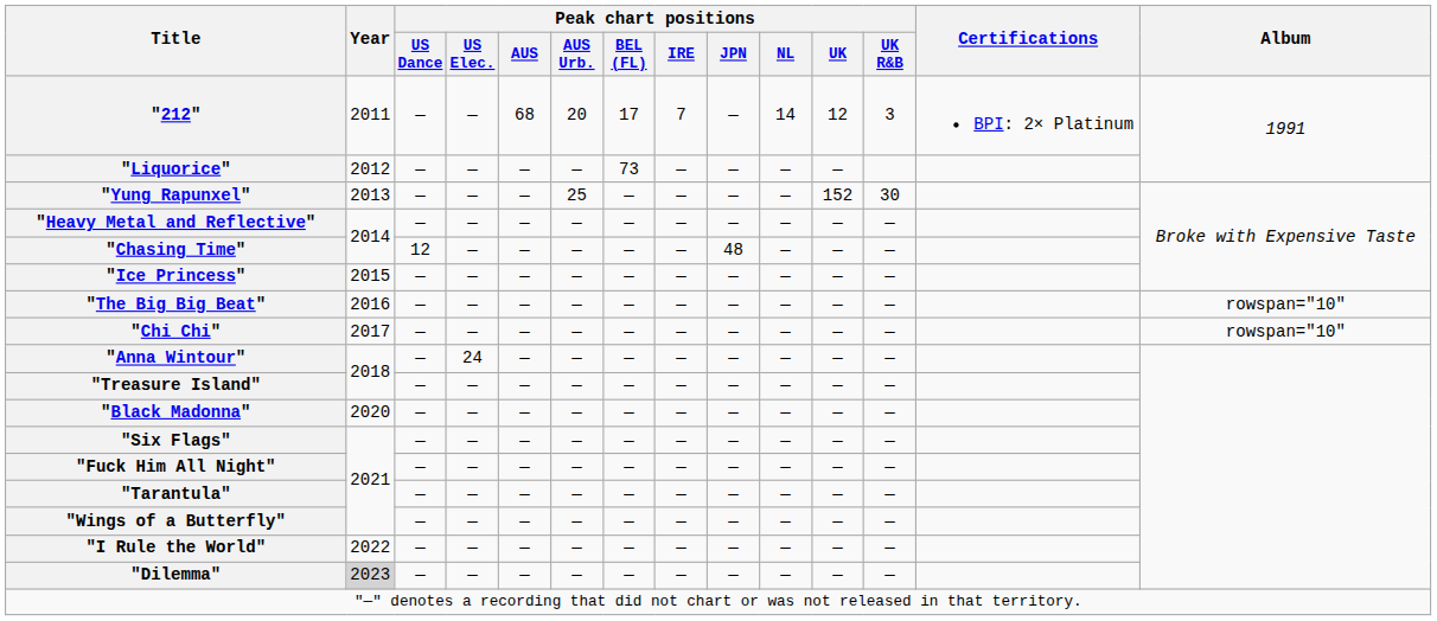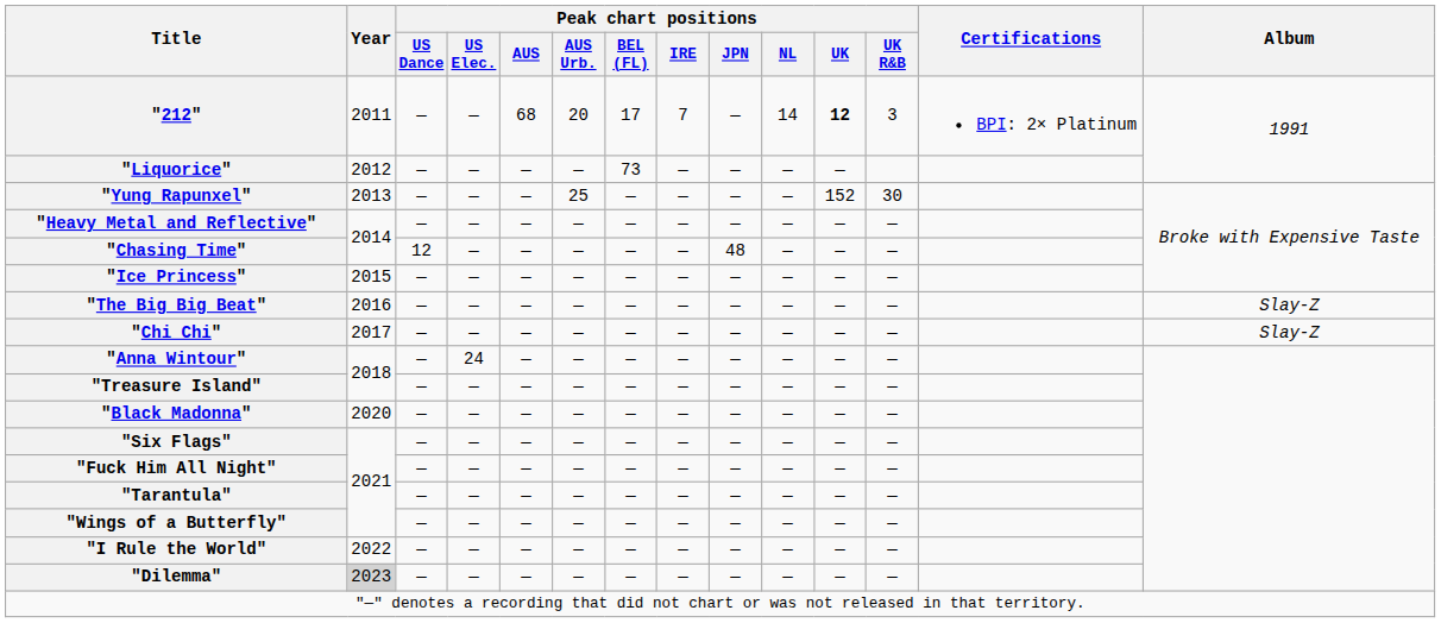 <table class="wikitable plainrowheaders" style="text-align:center;">
 <tr>
 <th scope="col" rowspan="2" style="width:20em;">Title</th>
 <th scope="col" rowspan="2" style="width:1em;">Year</th>
 <th scope="col" colspan="10">Peak chart positions</th>
 <th scope="col" rowspan="2" style="width:13em;"><a href='#'>Certifications</a></th>
 <th scope="col" rowspan="2" style="width:17em;">Album</th>
 </tr>
 <tr>
 <th scope="col" style="width:3em;font-size:90%;"><a href='#'>US<br>Dance</a><br></th>
 <th scope="col" style="width:3em;font-size:90%;"><a href='#'>US<br>Elec.</a><br></th>
 <th scope="col" style="width:3em;font-size:90%;"><a href='#'>AUS</a><br></th>
 <th scope="col" style="width:3em;font-size:90%;"><a href='#'>AUS<br>Urb.</a><br></th>
 <th scope="col" style="width:3em;font-size:90%;"><a href='#'>BEL<br>(FL)</a><br></th>
 <th scope="col" style="width:3em;font-size:90%;"><a href='#'>IRE</a><br></th>
 <th scope="col" style="width:3em;font-size:90%;"><a href='#'>JPN</a><br></th>
 <th scope="col" style="width:3em;font-size:90%;"><a href='#'>NL</a><br></th>
 <th scope="col" style="width:3em;font-size:90%;"><a href='#'>UK</a><br></th>
 <th scope="col" style="width:3em;font-size:90%;"><a href='#'>UK R&B</a><br></th>
 </tr>
 <tr>
 <th scope="row">"<a href='#'>212</a>"<br></th>
 <td>2011</td>
 <td>—</td>
 <td>—</td>
 <td>68</td>
 <td>20</td>
 <td>17</td>
 <td>7</td>
 <td>—</td>
 <td>14</td>
-<td>12</td>
+<td><strong>12</strong></td>
 <td>3</td>
 <td><br><ul><li><a href='#'>BPI</a>: 2× Platinum</li></ul></td>
 <td rowspan="2"><em>1991</em></td>
 </tr>
 <tr>
 <th scope="row">"<a href='#'>Liquorice</a>"</th>
 <td>2012</td>
 <td>—</td>
 <td>—</td>
 <td>—</td>
 <td>—</td>
 <td>73</td>
 <td>—</td>
 <td>—</td>
 <td>—</td>
 <td>—</td>
 <td></td>
 </tr>
 <tr>
 <th scope="row">"<a href='#'>Yung Rapunxel</a>"</th>
 <td>2013</td>
 <td>—</td>
 <td>—</td>
 <td>—</td>
 <td>25</td>
 <td>—</td>
 <td>—</td>
 <td>—</td>
 <td>—</td>
 <td>152</td>
 <td>30</td>
 <td></td>
 <td rowspan="4"><em>Broke with Expensive Taste</em></td>
 </tr>
 <tr>
 <th scope="row">"<a href='#'>Heavy Metal and Reflective</a>"</th>
 <td rowspan="2">2014</td>
 <td>—</td>
 <td>—</td>
 <td>—</td>
 <td>—</td>
 <td>—</td>
 <td>—</td>
 <td>—</td>
 <td>—</td>
 <td>—</td>
 <td>—</td>
 <td></td>
 </tr>
 <tr>
 <th scope="row">"<a href='#'>Chasing Time</a>"</th>
 <td>12</td>
 <td>—</td>
 <td>—</td>
 <td>—</td>
 <td>—</td>
 <td>—</td>
 <td>48</td>
 <td>—</td>
 <td>—</td>
 <td>—</td>
 <td></td>
 </tr>
 <tr>
 <th scope="row">"<a href='#'>Ice Princess</a>"</th>
 <td>2015</td>
 <td>—</td>
 <td>—</td>
 <td>—</td>
 <td>—</td>
 <td>—</td>
 <td>—</td>
 <td>—</td>
 <td>—</td>
 <td>—</td>
 <td>—</td>
 <td></td>
 </tr>
 <tr>
 <th scope="row">"<a href='#'>The Big Big Beat</a>"</th>
 <td>2016</td>
 <td>—</td>
 <td>—</td>
 <td>—</td>
 <td>—</td>
 <td>—</td>
 <td>—</td>
 <td>—</td>
 <td>—</td>
 <td>—</td>
 <td>—</td>
 <td></td>
-<td>rowspan="10" </td>
+<td><em>Slay-Z</em></td>
 </tr>
 <tr>
 <th scope="row">"<a href='#'>Chi Chi</a>"</th>
 <td>2017</td>
 <td>—</td>
 <td>—</td>
 <td>—</td>
 <td>—</td>
 <td>—</td>
 <td>—</td>
 <td>—</td>
 <td>—</td>
 <td>—</td>
 <td>—</td>
 <td></td>
-<td>rowspan="10" </td>
+<td><em>Slay-Z</em></td>
 </tr>
 <tr>
 <th scope="row">"<a href='#'>Anna Wintour</a>"</th>
 <td rowspan="2">2018</td>
 <td>—</td>
 <td>24</td>
 <td>—</td>
 <td>—</td>
 <td>—</td>
 <td>—</td>
 <td>—</td>
 <td>—</td>
 <td>—</td>
 <td>—</td>
 <td></td>
 </tr>
 <tr>
 <th scope="row">"Treasure Island"</th>
 <td>—</td>
 <td>—</td>
 <td>—</td>
 <td>—</td>
 <td>—</td>
 <td>—</td>
 <td>—</td>
 <td>—</td>
 <td>—</td>
 <td>—</td>
 <td></td>
 </tr>
 <tr>
 <th scope="row">"<a href='#'>Black Madonna</a>"<br></th>
 <td>2020</td>
 <td>—</td>
 <td>—</td>
 <td>—</td>
 <td>—</td>
 <td>—</td>
 <td>—</td>
 <td>—</td>
 <td>—</td>
 <td>—</td>
 <td>—</td>
 <td></td>
 </tr>
 <tr>
 <th scope="row">"Six Flags"<br></th>
 <td rowspan="4">2021</td>
 <td>—</td>
 <td>—</td>
 <td>—</td>
 <td>—</td>
 <td>—</td>
 <td>—</td>
 <td>—</td>
 <td>—</td>
 <td>—</td>
 <td>—</td>
 <td></td>
 </tr>
 <tr>
 <th scope="row">"Fuck Him All Night"</th>
 <td>—</td>
 <td>—</td>
 <td>—</td>
 <td>—</td>
 <td>—</td>
 <td>—</td>
 <td>—</td>
 <td>—</td>
 <td>—</td>
 <td>—</td>
 <td></td>
 </tr>
 <tr>
 <th scope="row">"Tarantula"</th>
 <td>—</td>
 <td>—</td>
 <td>—</td>
 <td>—</td>
 <td>—</td>
 <td>—</td>
 <td>—</td>
 <td>—</td>
 <td>—</td>
 <td>—</td>
 <td></td>
 </tr>
 <tr>
 <th scope="row">"Wings of a Butterfly"</th>
 <td>—</td>
 <td>—</td>
 <td>—</td>
 <td>—</td>
 <td>—</td>
 <td>—</td>
 <td>—</td>
 <td>—</td>
 <td>—</td>
 <td>—</td>
 <td></td>
 </tr>
 <tr>
 <th scope="row">"I Rule the World"</th>
 <td>2022</td>
 <td>—</td>
 <td>—</td>
 <td>—</td>
 <td>—</td>
 <td>—</td>
 <td>—</td>
 <td>—</td>
 <td>—</td>
 <td>—</td>
 <td>—</td>
 <td></td>
 </tr>
 <tr>
 <th scope="row">"Dilemma"</th>
 <td style="background: lightgrey;">2023</td>
 <td>—</td>
 <td>—</td>
 <td>—</td>
 <td>—</td>
 <td>—</td>
 <td>—</td>
 <td>—</td>
 <td>—</td>
 <td>—</td>
 <td>—</td>
 <td></td>
 </tr>
 <tr>
 <td colspan="15" style="font-size:90%">"—" denotes a recording that did not chart or was not released in that territory.</td>
 </tr>
 </table>
